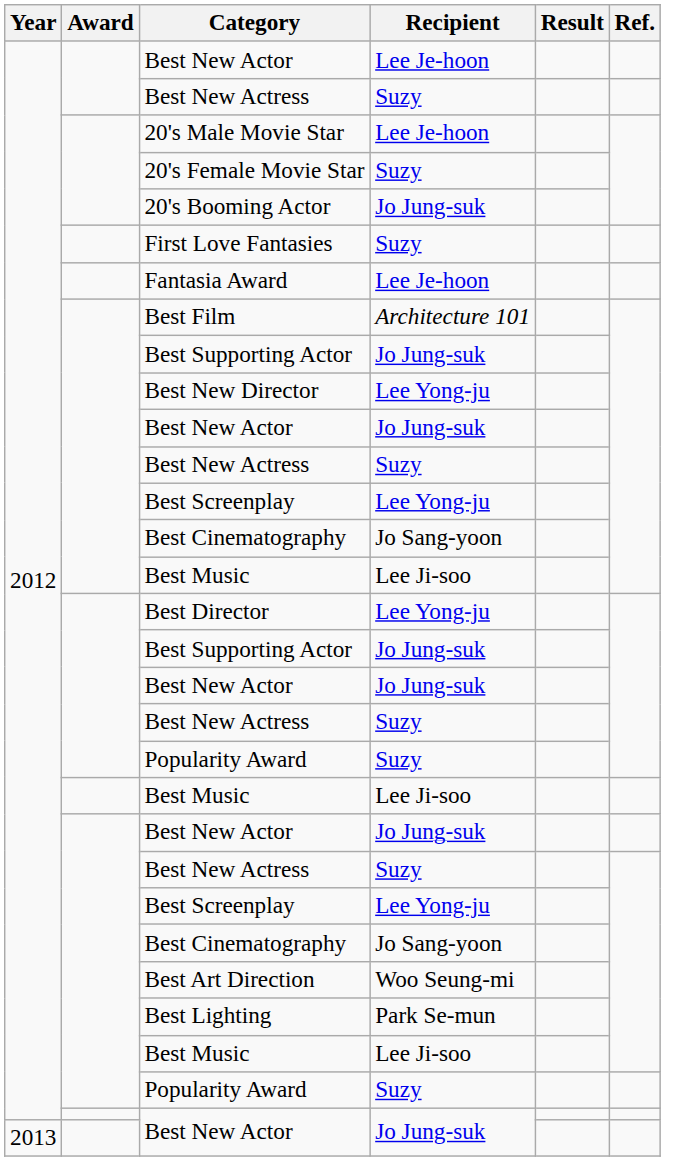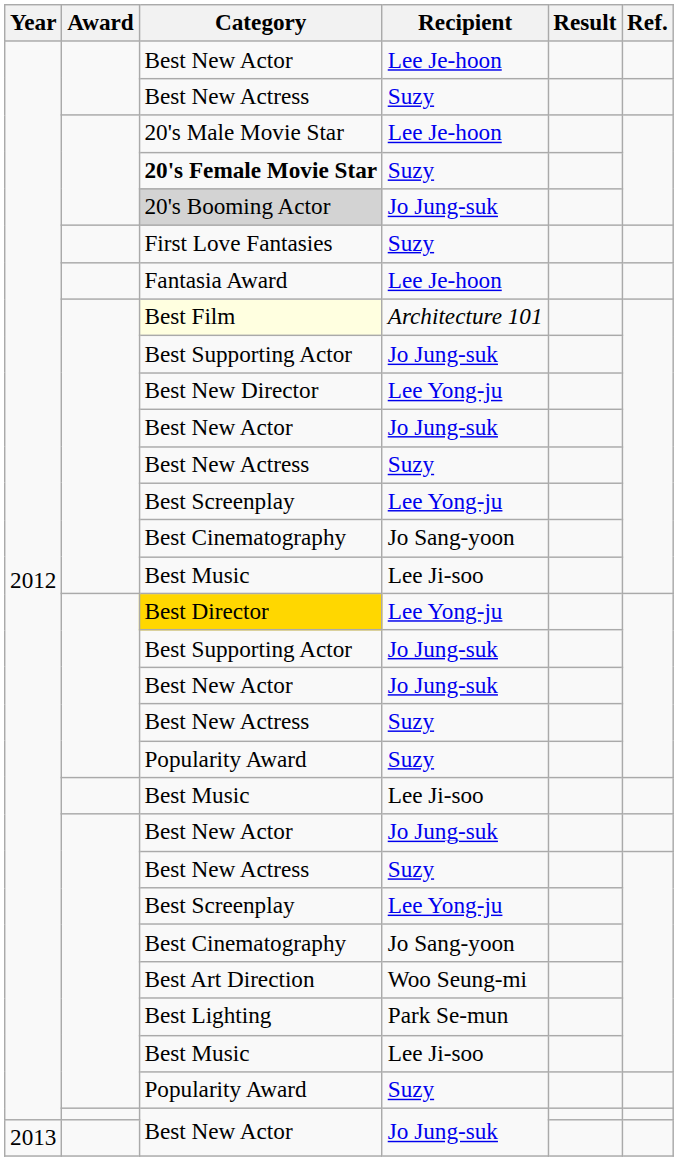 <table class="wikitable">
 <tr>
 <th>Year</th>
 <th>Award</th>
 <th>Category</th>
 <th>Recipient</th>
 <th>Result</th>
 <th>Ref.</th>
 </tr>
 <tr>
 <td rowspan="30" style="text-align:center;">2012</td>
 <td rowspan="2"></td>
 <td>Best New Actor</td>
 <td><a href='#'>Lee Je-hoon</a></td>
 <td></td>
 <td></td>
 </tr>
 <tr>
 <td>Best New Actress</td>
 <td><a href='#'>Suzy</a></td>
 <td></td>
 <td></td>
 </tr>
 <tr>
 <td rowspan="3"></td>
 <td>20's Male Movie Star</td>
 <td><a href='#'>Lee Je-hoon</a></td>
 <td></td>
 <td rowspan=3></td>
 </tr>
 <tr>
-<td>20's Female Movie Star</td>
+<td><strong>20's Female Movie Star</strong></td>
 <td><a href='#'>Suzy</a></td>
 <td></td>
 </tr>
 <tr>
-<td>20's Booming Actor</td>
+<td style="background: lightgrey;">20's Booming Actor</td>
 <td><a href='#'>Jo Jung-suk</a></td>
 <td></td>
 </tr>
 <tr>
 <td></td>
 <td>First Love Fantasies</td>
 <td><a href='#'>Suzy</a></td>
 <td></td>
 <td></td>
 </tr>
 <tr>
 <td></td>
 <td>Fantasia Award</td>
 <td><a href='#'>Lee Je-hoon</a></td>
 <td></td>
 <td></td>
 </tr>
 <tr>
 <td rowspan="8"></td>
-<td>Best Film</td>
+<td style="background: lightyellow;">Best Film</td>
 <td><em>Architecture 101</em></td>
 <td></td>
 <td rowspan=8></td>
 </tr>
 <tr>
 <td>Best Supporting Actor</td>
 <td><a href='#'>Jo Jung-suk</a></td>
 <td></td>
 </tr>
 <tr>
 <td>Best New Director</td>
 <td><a href='#'>Lee Yong-ju</a></td>
 <td></td>
 </tr>
 <tr>
 <td>Best New Actor</td>
 <td><a href='#'>Jo Jung-suk</a></td>
 <td></td>
 </tr>
 <tr>
 <td>Best New Actress</td>
 <td><a href='#'>Suzy</a></td>
 <td></td>
 </tr>
 <tr>
 <td>Best Screenplay</td>
 <td><a href='#'>Lee Yong-ju</a></td>
 <td></td>
 </tr>
 <tr>
 <td>Best Cinematography</td>
 <td>Jo Sang-yoon</td>
 <td></td>
 </tr>
 <tr>
 <td>Best Music</td>
 <td>Lee Ji-soo</td>
 <td></td>
 </tr>
 <tr>
 <td rowspan="5"></td>
-<td>Best Director</td>
+<td style="background: gold;">Best Director</td>
 <td><a href='#'>Lee Yong-ju</a></td>
 <td></td>
 <td rowspan=5></td>
 </tr>
 <tr>
 <td>Best Supporting Actor</td>
 <td><a href='#'>Jo Jung-suk</a></td>
 <td></td>
 </tr>
 <tr>
 <td>Best New Actor</td>
 <td><a href='#'>Jo Jung-suk</a></td>
 <td></td>
 </tr>
 <tr>
 <td>Best New Actress</td>
 <td><a href='#'>Suzy</a></td>
 <td></td>
 </tr>
 <tr>
 <td>Popularity Award</td>
 <td><a href='#'>Suzy</a></td>
 <td></td>
 </tr>
 <tr>
 <td></td>
 <td>Best Music</td>
 <td>Lee Ji-soo</td>
 <td></td>
 <td></td>
 </tr>
 <tr>
 <td rowspan="8"></td>
 <td>Best New Actor</td>
 <td><a href='#'>Jo Jung-suk</a></td>
 <td></td>
 <td></td>
 </tr>
 <tr>
 <td>Best New Actress</td>
 <td><a href='#'>Suzy</a></td>
 <td></td>
 <td rowspan=6></td>
 </tr>
 <tr>
 <td>Best Screenplay</td>
 <td><a href='#'>Lee Yong-ju</a></td>
 <td></td>
 </tr>
 <tr>
 <td>Best Cinematography</td>
 <td>Jo Sang-yoon</td>
 <td></td>
 </tr>
 <tr>
 <td>Best Art Direction</td>
 <td>Woo Seung-mi</td>
 <td></td>
 </tr>
 <tr>
 <td>Best Lighting</td>
 <td>Park Se-mun</td>
 <td></td>
 </tr>
 <tr>
 <td>Best Music</td>
 <td>Lee Ji-soo</td>
 <td></td>
 </tr>
 <tr>
 <td>Popularity Award</td>
 <td><a href='#'>Suzy</a></td>
 <td></td>
 <td></td>
 </tr>
 <tr>
 <td></td>
 <td rowspan=2>Best New Actor</td>
 <td rowspan=2><a href='#'>Jo Jung-suk</a></td>
 <td></td>
 <td></td>
 </tr>
 <tr>
 <td style="text-align:center;">2013</td>
 <td></td>
 <td></td>
 <td></td>
 </tr>
 </table>
